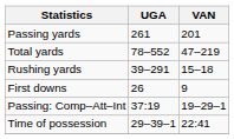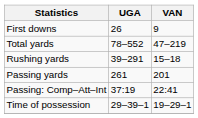 <table class="wikitable" style="float: left;">
 <tr>
 <th>Statistics</th>
 <th>UGA</th>
 <th>VAN</th>
 </tr>
 <tr>
-<td>Passing yards</td>
-<td>261</td>
-<td>201</td>
+<td>First downs</td>
+<td>26</td>
+<td>9</td>
 </tr>
 <tr>
 <td>Total yards</td>
 <td>78–552</td>
 <td>47–219</td>
 </tr>
 <tr>
 <td>Rushing yards</td>
 <td>39–291</td>
 <td>15–18</td>
 </tr>
 <tr>
-<td>First downs</td>
-<td>26</td>
-<td>9</td>
+<td>Passing yards</td>
+<td>261</td>
+<td>201</td>
 </tr>
 <tr>
 <td>Passing: Comp–Att–Int</td>
 <td>37:19</td>
-<td>19–29–1</td>
+<td>22:41</td>
 </tr>
 <tr>
 <td>Time of possession</td>
 <td>29–39–1</td>
-<td>22:41</td>
+<td>19–29–1</td>
 </tr>
 <tr>
 </tr>
 </table>
